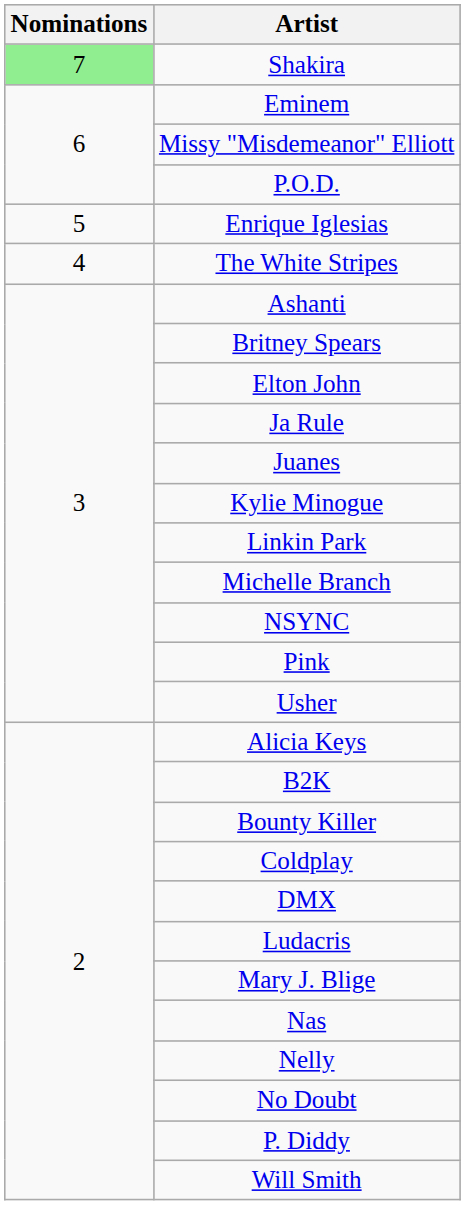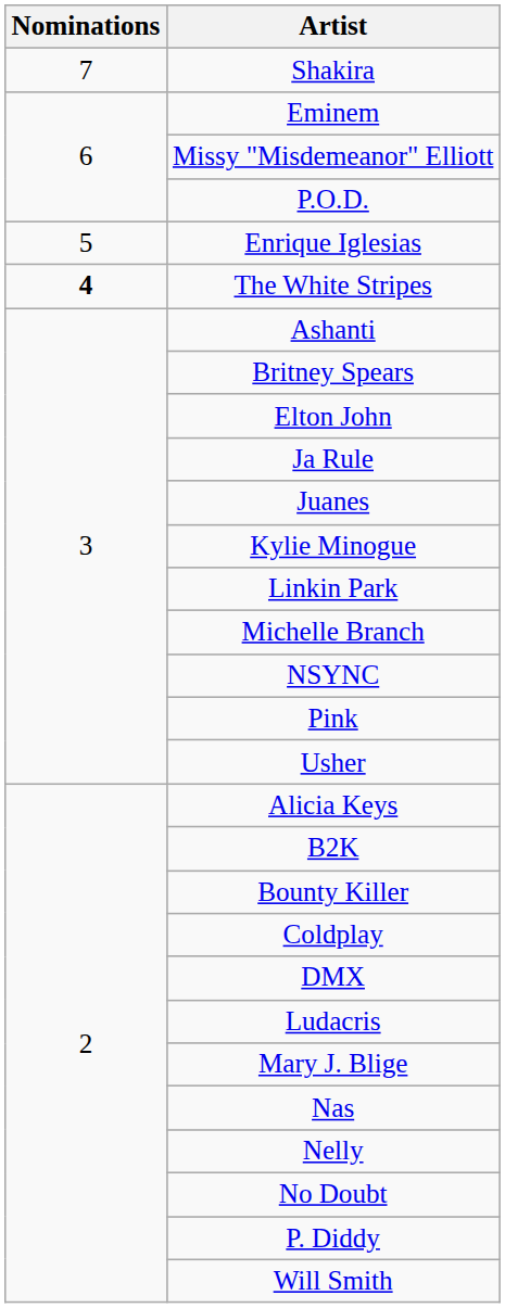 <table class="wikitable" rowspan="2" style="text-align:center">
 <tr>
 <th scope="col" style="width:55px;">Nominations</th>
 <th scope="col" style="text-align:center;">Artist</th>
 </tr>
 <tr>
-<td style="background: lightgreen; text-align:center">7</td>
+<td style="text-align:center">7</td>
 <td><a href='#'>Shakira</a></td>
 </tr>
 <tr>
 <td rowspan="3" style="text-align:center">6</td>
 <td><a href='#'>Eminem</a></td>
 </tr>
 <tr>
 <td><a href='#'>Missy "Misdemeanor" Elliott</a></td>
 </tr>
 <tr>
 <td><a href='#'>P.O.D.</a></td>
 </tr>
 <tr>
 <td style="text-align:center">5</td>
 <td><a href='#'>Enrique Iglesias</a></td>
 </tr>
 <tr>
-<td style="text-align:center">4</td>
+<td style="text-align:center"><strong>4</strong></td>
 <td><a href='#'>The White Stripes</a></td>
 </tr>
 <tr>
 <td rowspan="11" style="text-align:center">3</td>
 <td><a href='#'>Ashanti</a></td>
 </tr>
 <tr>
 <td><a href='#'>Britney Spears</a></td>
 </tr>
 <tr>
 <td><a href='#'>Elton John</a></td>
 </tr>
 <tr>
 <td><a href='#'>Ja Rule</a></td>
 </tr>
 <tr>
 <td><a href='#'>Juanes</a></td>
 </tr>
 <tr>
 <td><a href='#'>Kylie Minogue</a></td>
 </tr>
 <tr>
 <td><a href='#'>Linkin Park</a></td>
 </tr>
 <tr>
 <td><a href='#'>Michelle Branch</a></td>
 </tr>
 <tr>
 <td><a href='#'>NSYNC</a></td>
 </tr>
 <tr>
 <td><a href='#'>Pink</a></td>
 </tr>
 <tr>
 <td><a href='#'>Usher</a></td>
 </tr>
 <tr>
 <td rowspan="12" style="text-align:center">2</td>
 <td><a href='#'>Alicia Keys</a></td>
 </tr>
 <tr>
 <td><a href='#'>B2K</a></td>
 </tr>
 <tr>
 <td><a href='#'>Bounty Killer</a></td>
 </tr>
 <tr>
 <td><a href='#'>Coldplay</a></td>
 </tr>
 <tr>
 <td><a href='#'>DMX</a></td>
 </tr>
 <tr>
 <td><a href='#'>Ludacris</a></td>
 </tr>
 <tr>
 <td><a href='#'>Mary J. Blige</a></td>
 </tr>
 <tr>
 <td><a href='#'>Nas</a></td>
 </tr>
 <tr>
 <td><a href='#'>Nelly</a></td>
 </tr>
 <tr>
 <td><a href='#'>No Doubt</a></td>
 </tr>
 <tr>
 <td><a href='#'>P. Diddy</a></td>
 </tr>
 <tr>
 <td><a href='#'>Will Smith</a></td>
 </tr>
 </table>
